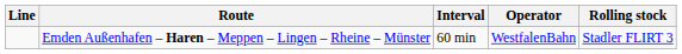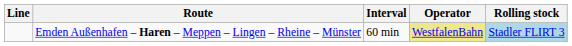 <table class="wikitable">
 <tr>
 <th>Line</th>
 <th colspan="3">Route</th>
 <th>Interval</th>
 <th>Operator</th>
 <th>Rolling stock</th>
 </tr>
 <tr>
 <td></td>
 <td colspan="3"><a href='#'>Emden Außenhafen</a> – <strong>Haren</strong> – <a href='#'>Meppen</a> – <a href='#'>Lingen</a> – <a href='#'>Rheine</a> – <a href='#'>Münster</a></td>
 <td>60 min</td>
-<td><a href='#'>WestfalenBahn</a></td>
-<td><a href='#'>Stadler FLIRT 3</a></td>
+<td style="background: khaki;"><a href='#'>WestfalenBahn</a></td>
+<td style="background: lightblue;"><a href='#'>Stadler FLIRT 3</a></td>
 </tr>
 </table>
